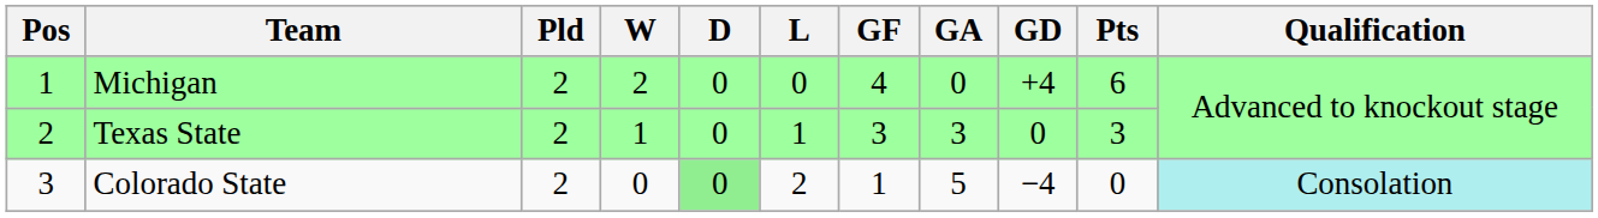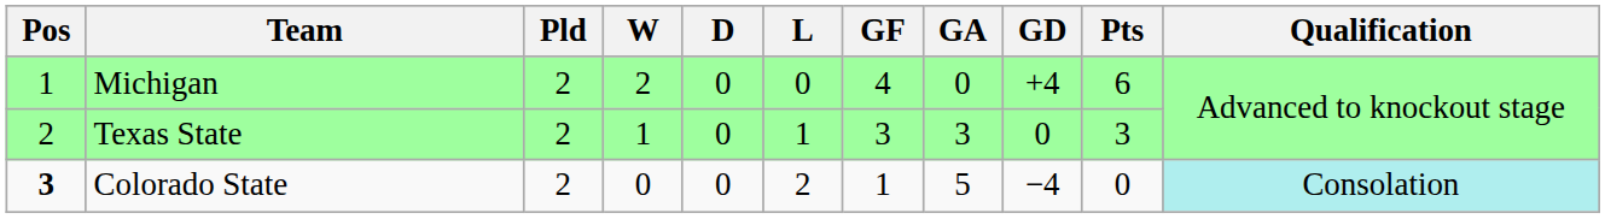 <table class="wikitable" style="text-align:center; margin: 1em auto">
 <tr>
 <th style="width:2em">Pos</th>
 <th style="width:13em">Team</th>
 <th style="width:2em">Pld</th>
 <th style="width:2em">W</th>
 <th style="width:2em">D</th>
 <th style="width:2em">L</th>
 <th style="width:2em">GF</th>
 <th style="width:2em">GA</th>
 <th style="width:2em">GD</th>
 <th style="width:2em">Pts</th>
 <th style="width:13em">Qualification</th>
 </tr>
 <tr bgcolor="#9eff9e">
 <td>1</td>
 <td style="text-align:left">Michigan</td>
 <td>2</td>
 <td>2</td>
 <td>0</td>
 <td>0</td>
 <td>4</td>
 <td>0</td>
 <td>+4</td>
 <td>6</td>
 <td rowspan="2">Advanced to knockout stage</td>
 </tr>
 <tr bgcolor="#9eff9e">
 <td>2</td>
 <td style="text-align:left">Texas State</td>
 <td>2</td>
 <td>1</td>
 <td>0</td>
 <td>1</td>
 <td>3</td>
 <td>3</td>
 <td>0</td>
 <td>3</td>
 </tr>
 <tr>
-<td>3</td>
+<td><strong>3</strong></td>
 <td style="text-align:left">Colorado State</td>
 <td>2</td>
 <td>0</td>
-<td style="background: lightgreen;">0</td>
+<td>0</td>
 <td>2</td>
 <td>1</td>
 <td>5</td>
 <td>−4</td>
 <td>0</td>
 <td style="background: paleturquoise;">Consolation</td>
 </tr>
 </table>
